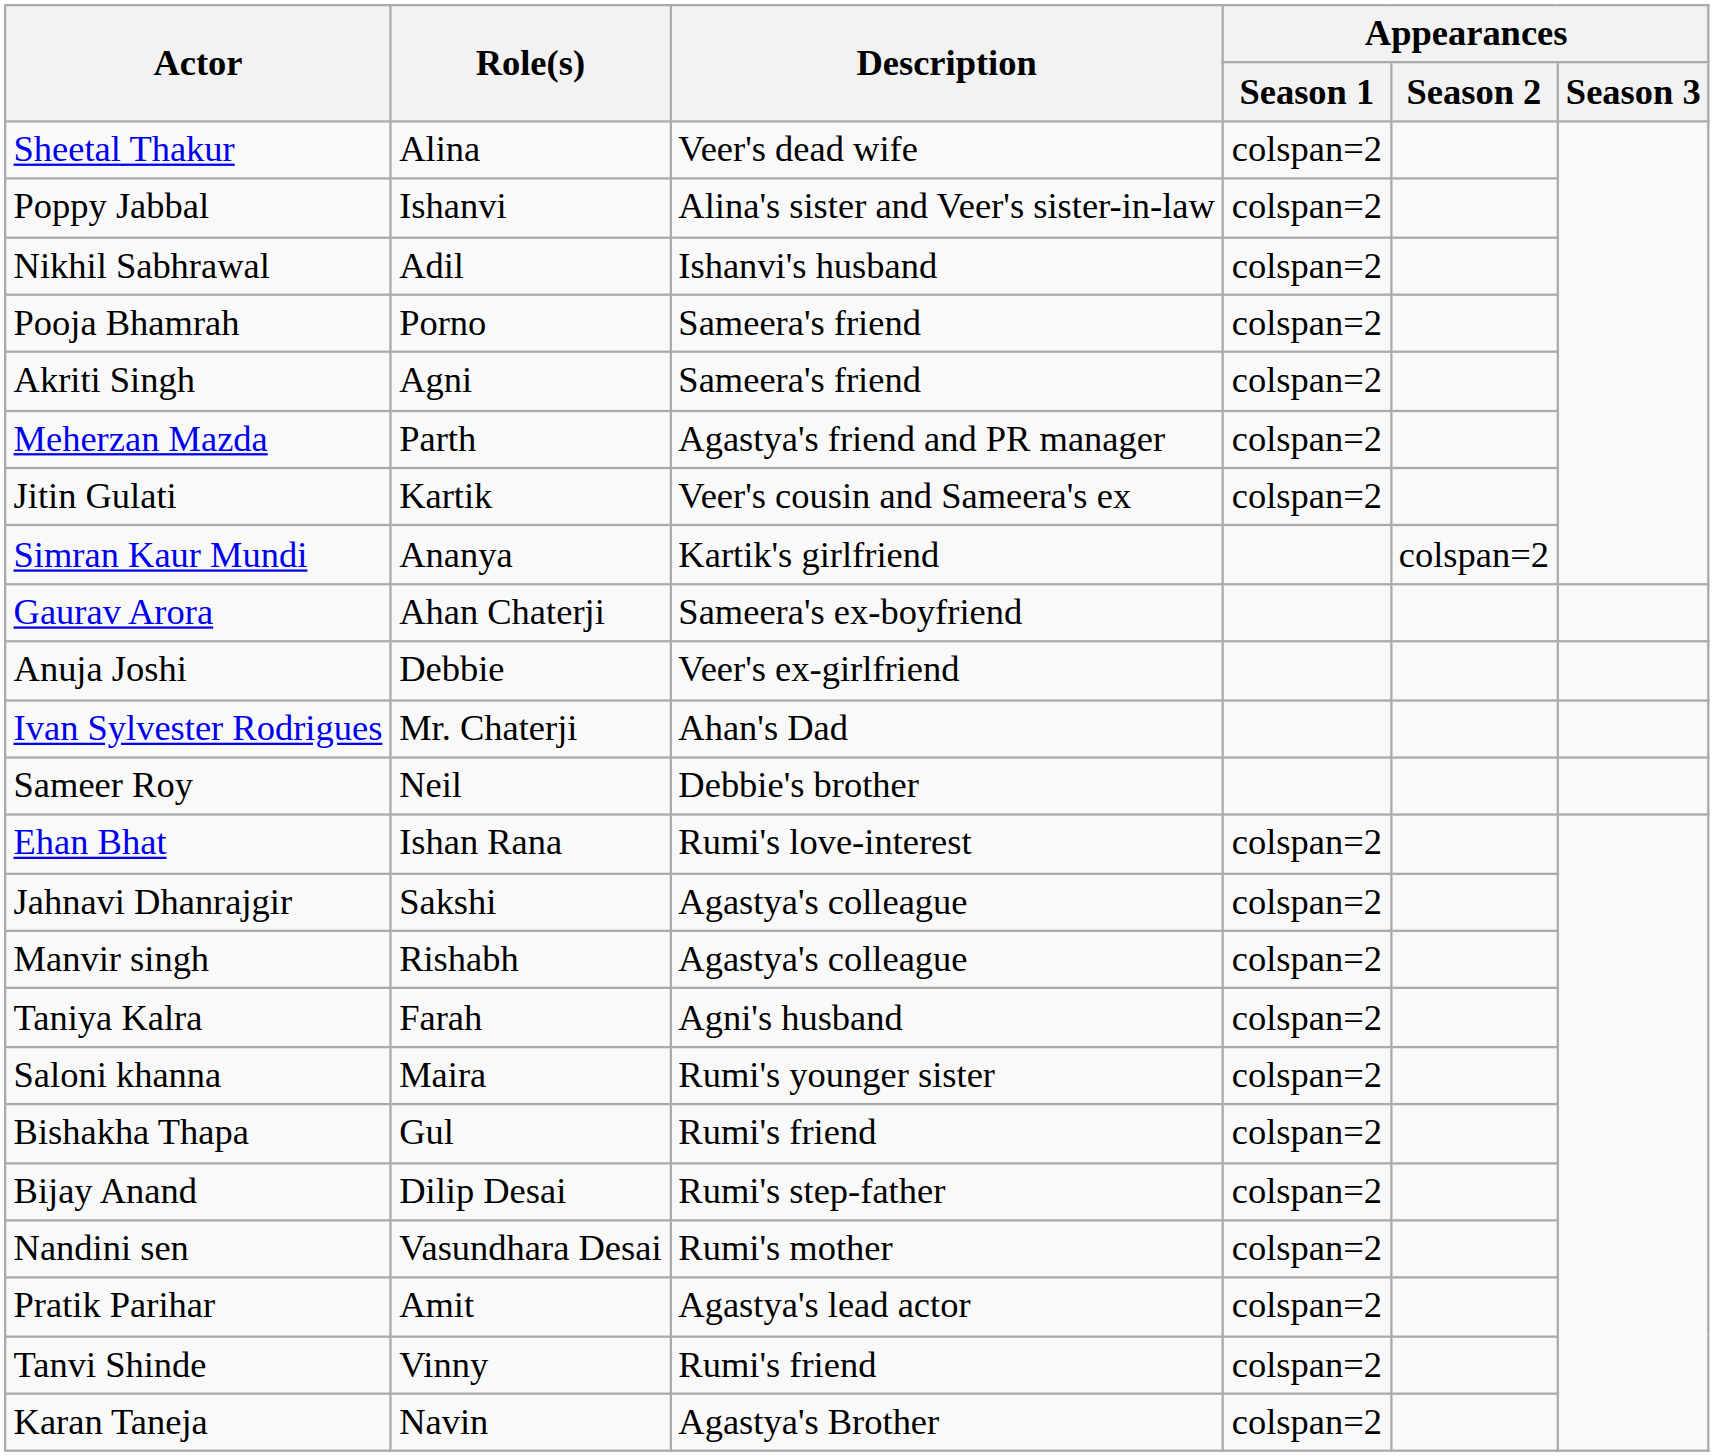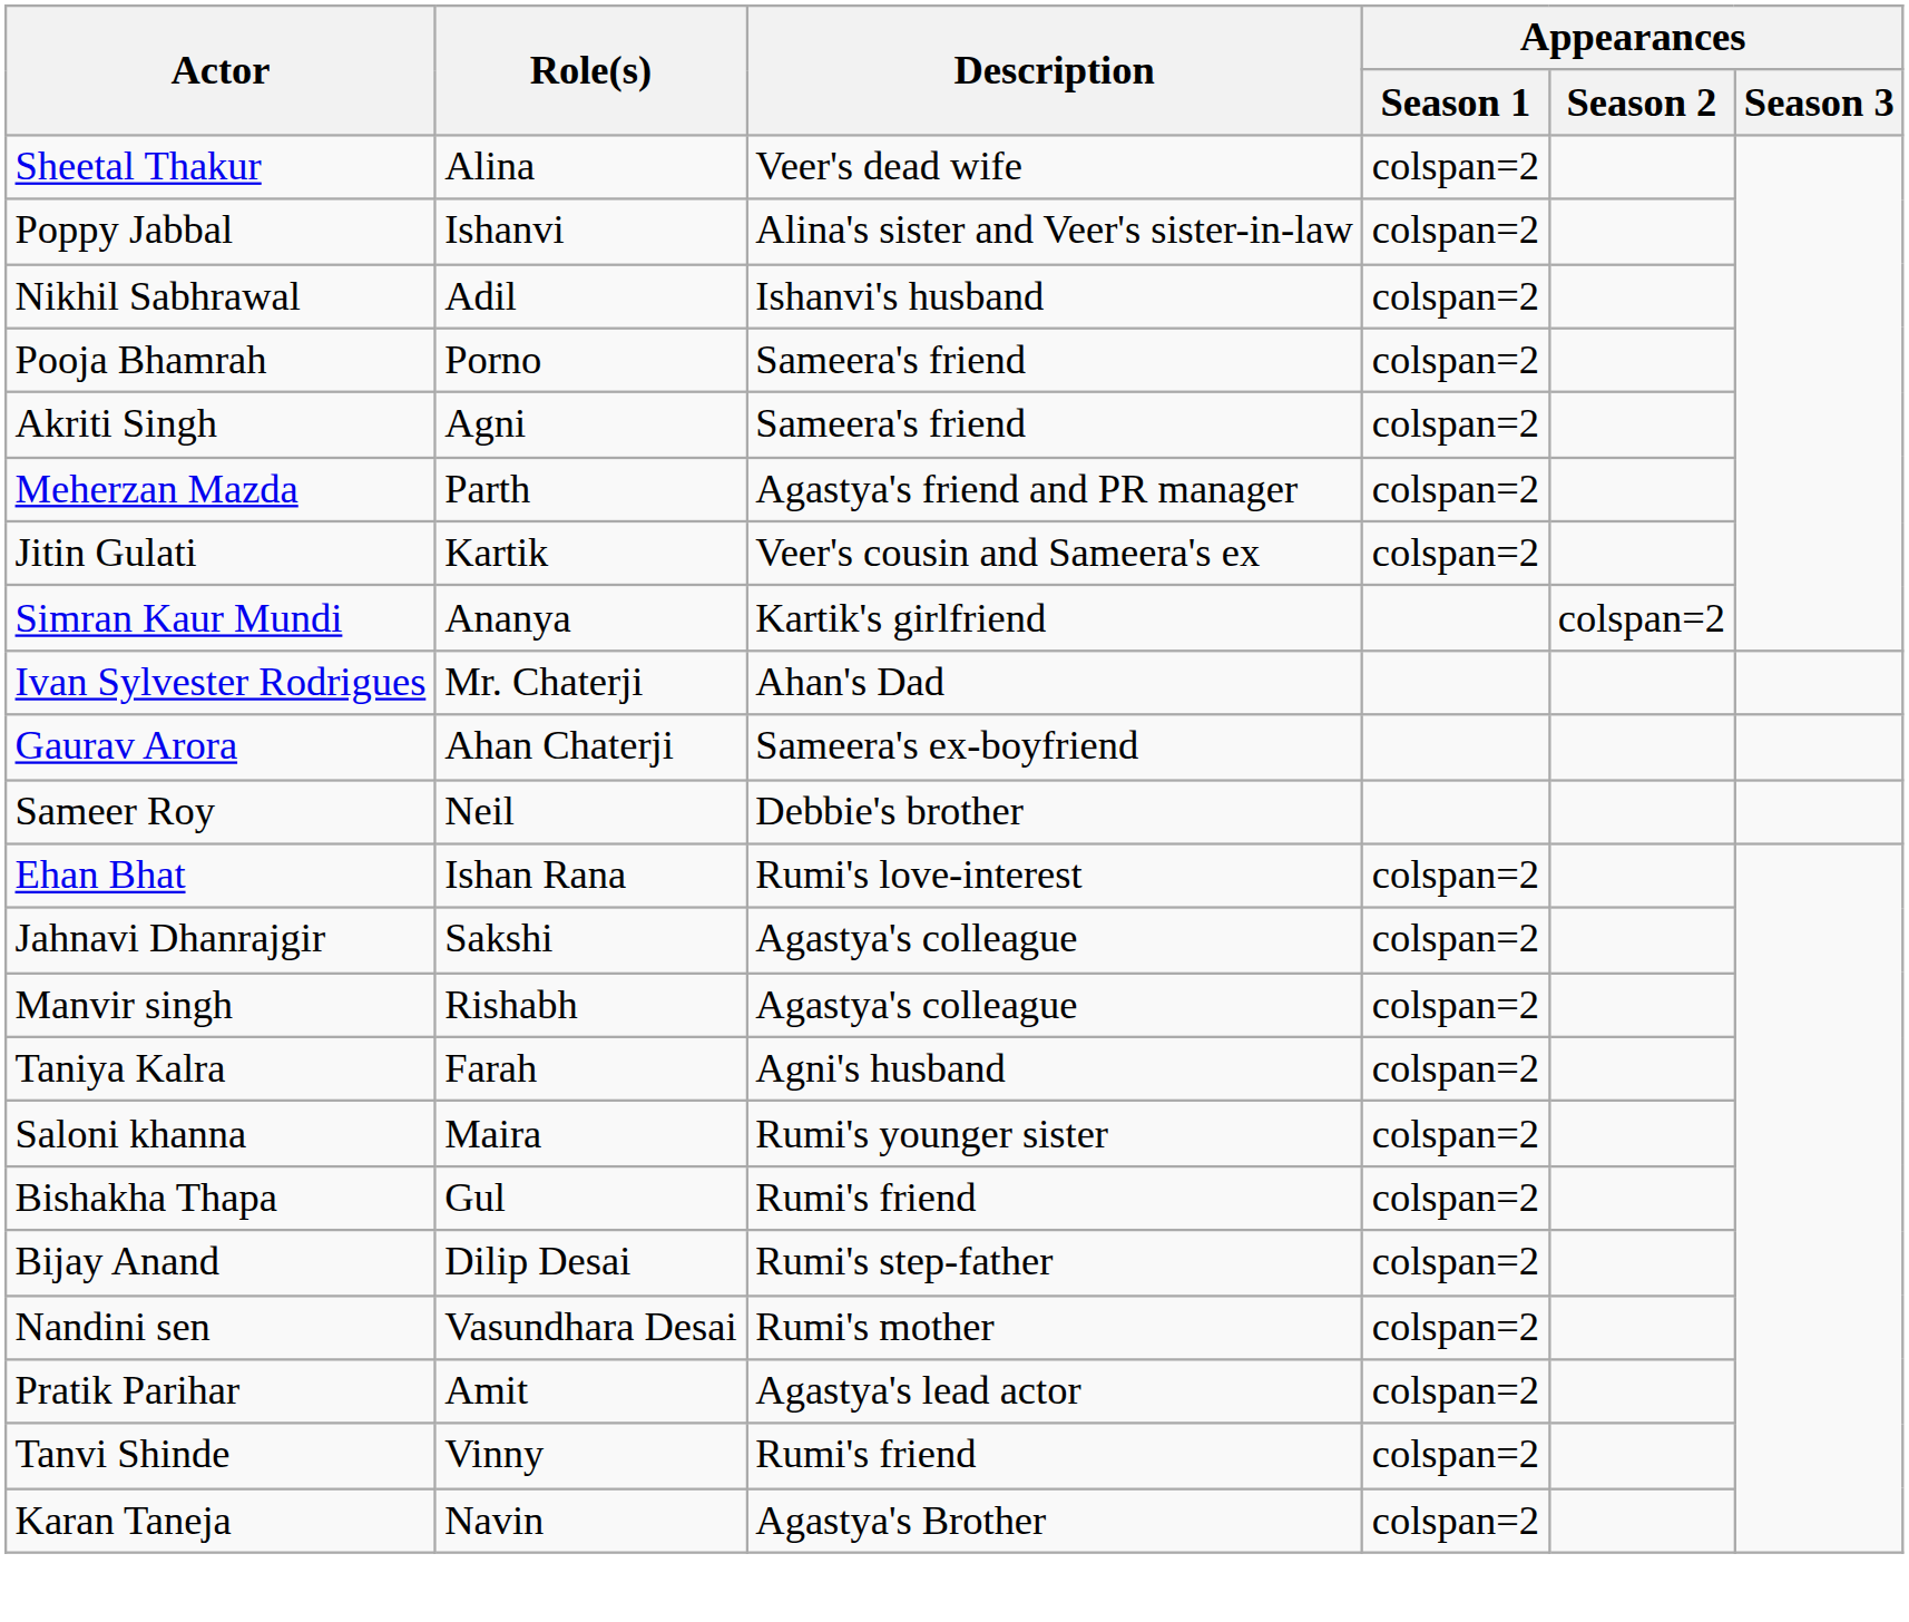 <table class="wikitable">
 <tr>
 <th rowspan="2">Actor</th>
 <th rowspan="2">Role(s)</th>
 <th rowspan="2">Description</th>
 <th colspan="3">Appearances</th>
 </tr>
 <tr>
 <th>Season 1</th>
 <th>Season 2</th>
 <th>Season 3</th>
 </tr>
 <tr>
 <td><a href='#'>Sheetal Thakur</a></td>
 <td>Alina</td>
 <td>Veer's dead wife</td>
 <td>colspan=2 </td>
 <td></td>
 </tr>
 <tr>
 <td>Poppy Jabbal</td>
 <td>Ishanvi</td>
 <td>Alina's sister and Veer's sister-in-law</td>
 <td>colspan=2 </td>
 <td></td>
 </tr>
 <tr>
 <td>Nikhil Sabhrawal</td>
 <td>Adil</td>
 <td>Ishanvi's husband</td>
 <td>colspan=2 </td>
 <td></td>
 </tr>
 <tr>
 <td>Pooja Bhamrah</td>
 <td>Porno</td>
 <td>Sameera's friend</td>
 <td>colspan=2 </td>
 <td></td>
 </tr>
 <tr>
 <td>Akriti Singh</td>
 <td>Agni</td>
 <td>Sameera's friend</td>
 <td>colspan=2 </td>
 <td></td>
 </tr>
 <tr>
 <td><a href='#'>Meherzan Mazda</a></td>
 <td>Parth</td>
 <td>Agastya's friend and PR manager</td>
 <td>colspan=2 </td>
 <td></td>
 </tr>
 <tr>
 <td>Jitin Gulati</td>
 <td>Kartik</td>
 <td>Veer's cousin and Sameera's ex</td>
 <td>colspan=2 </td>
 <td></td>
 </tr>
 <tr>
 <td><a href='#'>Simran Kaur Mundi</a></td>
 <td>Ananya</td>
 <td>Kartik's girlfriend</td>
 <td></td>
 <td>colspan=2 </td>
 </tr>
 <tr>
-<td><a href='#'>Gaurav Arora</a></td>
-<td>Ahan Chaterji</td>
-<td>Sameera's ex-boyfriend</td>
+<td><a href='#'>Ivan Sylvester Rodrigues</a></td>
+<td>Mr. Chaterji</td>
+<td>Ahan's Dad</td>
 <td></td>
 <td></td>
 <td></td>
 </tr>
 <tr>
-<td>Anuja Joshi</td>
-<td>Debbie</td>
-<td>Veer's ex-girlfriend</td>
-<td></td>
-<td></td>
-<td></td>
-</tr>
-<tr>
-<td><a href='#'>Ivan Sylvester Rodrigues</a></td>
-<td>Mr. Chaterji</td>
-<td>Ahan's Dad</td>
+<td><a href='#'>Gaurav Arora</a></td>
+<td>Ahan Chaterji</td>
+<td>Sameera's ex-boyfriend</td>
 <td></td>
 <td></td>
 <td></td>
 </tr>
 <tr>
 <td>Sameer Roy</td>
 <td>Neil</td>
 <td>Debbie's brother</td>
 <td></td>
 <td></td>
 <td></td>
 </tr>
 <tr>
 <td><a href='#'>Ehan Bhat</a></td>
 <td>Ishan Rana</td>
 <td>Rumi's love-interest</td>
 <td>colspan=2 </td>
 <td></td>
 </tr>
 <tr>
 <td>Jahnavi Dhanrajgir</td>
 <td>Sakshi</td>
 <td>Agastya's colleague</td>
 <td>colspan=2 </td>
 <td></td>
 </tr>
 <tr>
 <td>Manvir singh</td>
 <td>Rishabh</td>
 <td>Agastya's colleague</td>
 <td>colspan=2 </td>
 <td></td>
 </tr>
 <tr>
 <td>Taniya Kalra</td>
 <td>Farah</td>
 <td>Agni's husband</td>
 <td>colspan=2 </td>
 <td></td>
 </tr>
 <tr>
 <td>Saloni khanna</td>
 <td>Maira</td>
 <td>Rumi's younger sister</td>
 <td>colspan=2 </td>
 <td></td>
 </tr>
 <tr>
 <td>Bishakha Thapa</td>
 <td>Gul</td>
 <td>Rumi's friend</td>
 <td>colspan=2 </td>
 <td></td>
 </tr>
 <tr>
 <td>Bijay Anand</td>
 <td>Dilip Desai</td>
 <td>Rumi's step-father</td>
 <td>colspan=2 </td>
 <td></td>
 </tr>
 <tr>
 <td>Nandini sen</td>
 <td>Vasundhara Desai</td>
 <td>Rumi's mother</td>
 <td>colspan=2 </td>
 <td></td>
 </tr>
 <tr>
 <td>Pratik Parihar</td>
 <td>Amit</td>
 <td>Agastya's lead actor</td>
 <td>colspan=2 </td>
 <td></td>
 </tr>
 <tr>
 <td>Tanvi Shinde</td>
 <td>Vinny</td>
 <td>Rumi's friend</td>
 <td>colspan=2 </td>
 <td></td>
 </tr>
 <tr>
 <td>Karan Taneja</td>
 <td>Navin</td>
 <td>Agastya's Brother</td>
 <td>colspan=2 </td>
 <td></td>
 </tr>
 </table>
